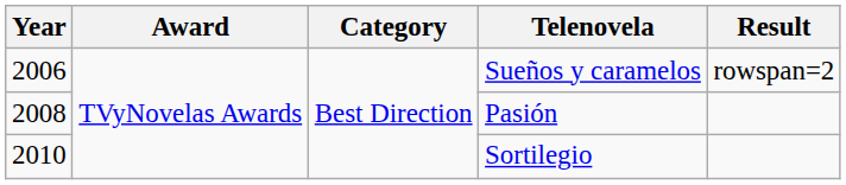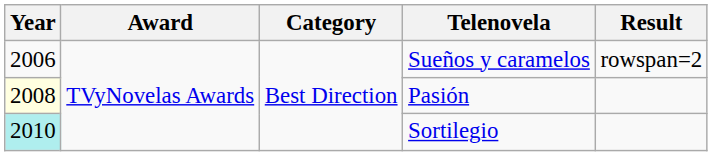 <table class="wikitable">
 <tr>
 <th>Year</th>
 <th>Award</th>
 <th>Category</th>
 <th>Telenovela</th>
 <th>Result</th>
 </tr>
 <tr>
 <td>2006</td>
 <td rowspan=3><a href='#'>TVyNovelas Awards</a></td>
 <td rowspan=3><a href='#'>Best Direction</a></td>
 <td><a href='#'>Sueños y caramelos</a></td>
 <td>rowspan=2 </td>
 </tr>
 <tr>
-<td>2008</td>
+<td style="background: lightyellow;">2008</td>
 <td><a href='#'>Pasión</a></td>
 </tr>
 <tr>
-<td>2010</td>
+<td style="background: paleturquoise;">2010</td>
 <td><a href='#'>Sortilegio</a></td>
 <td></td>
 </tr>
 </table>
